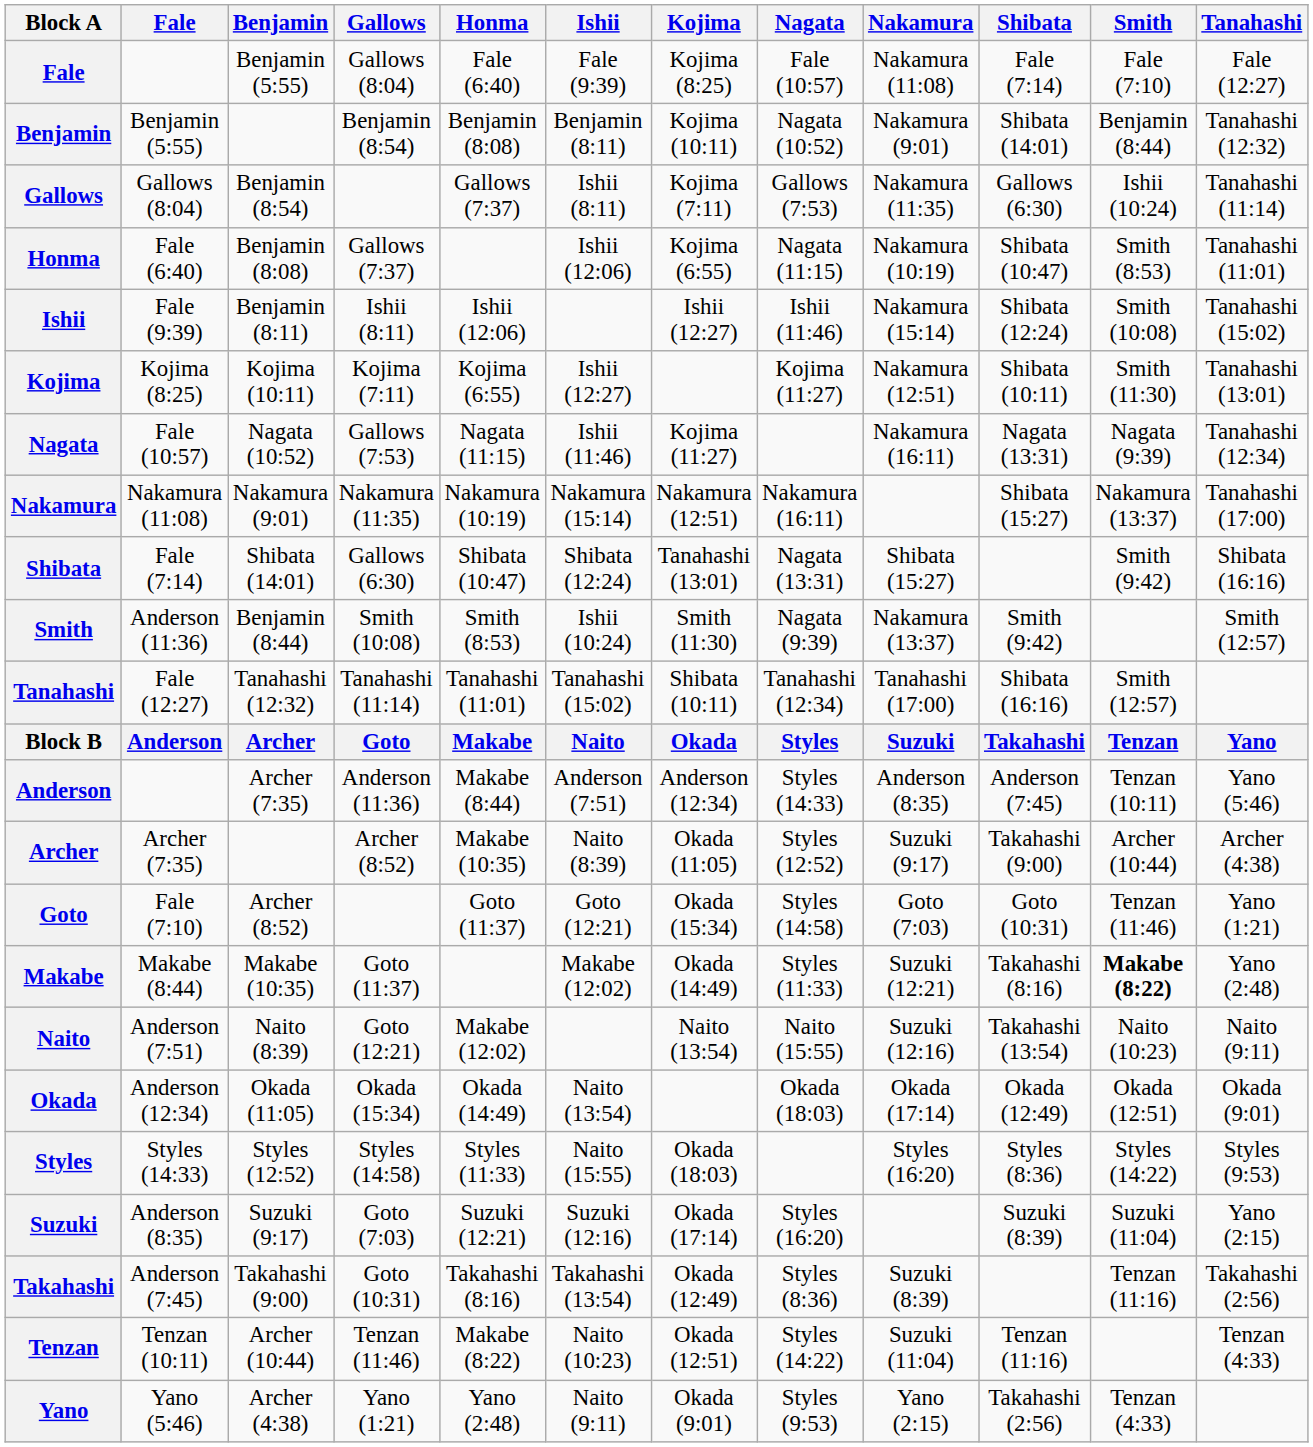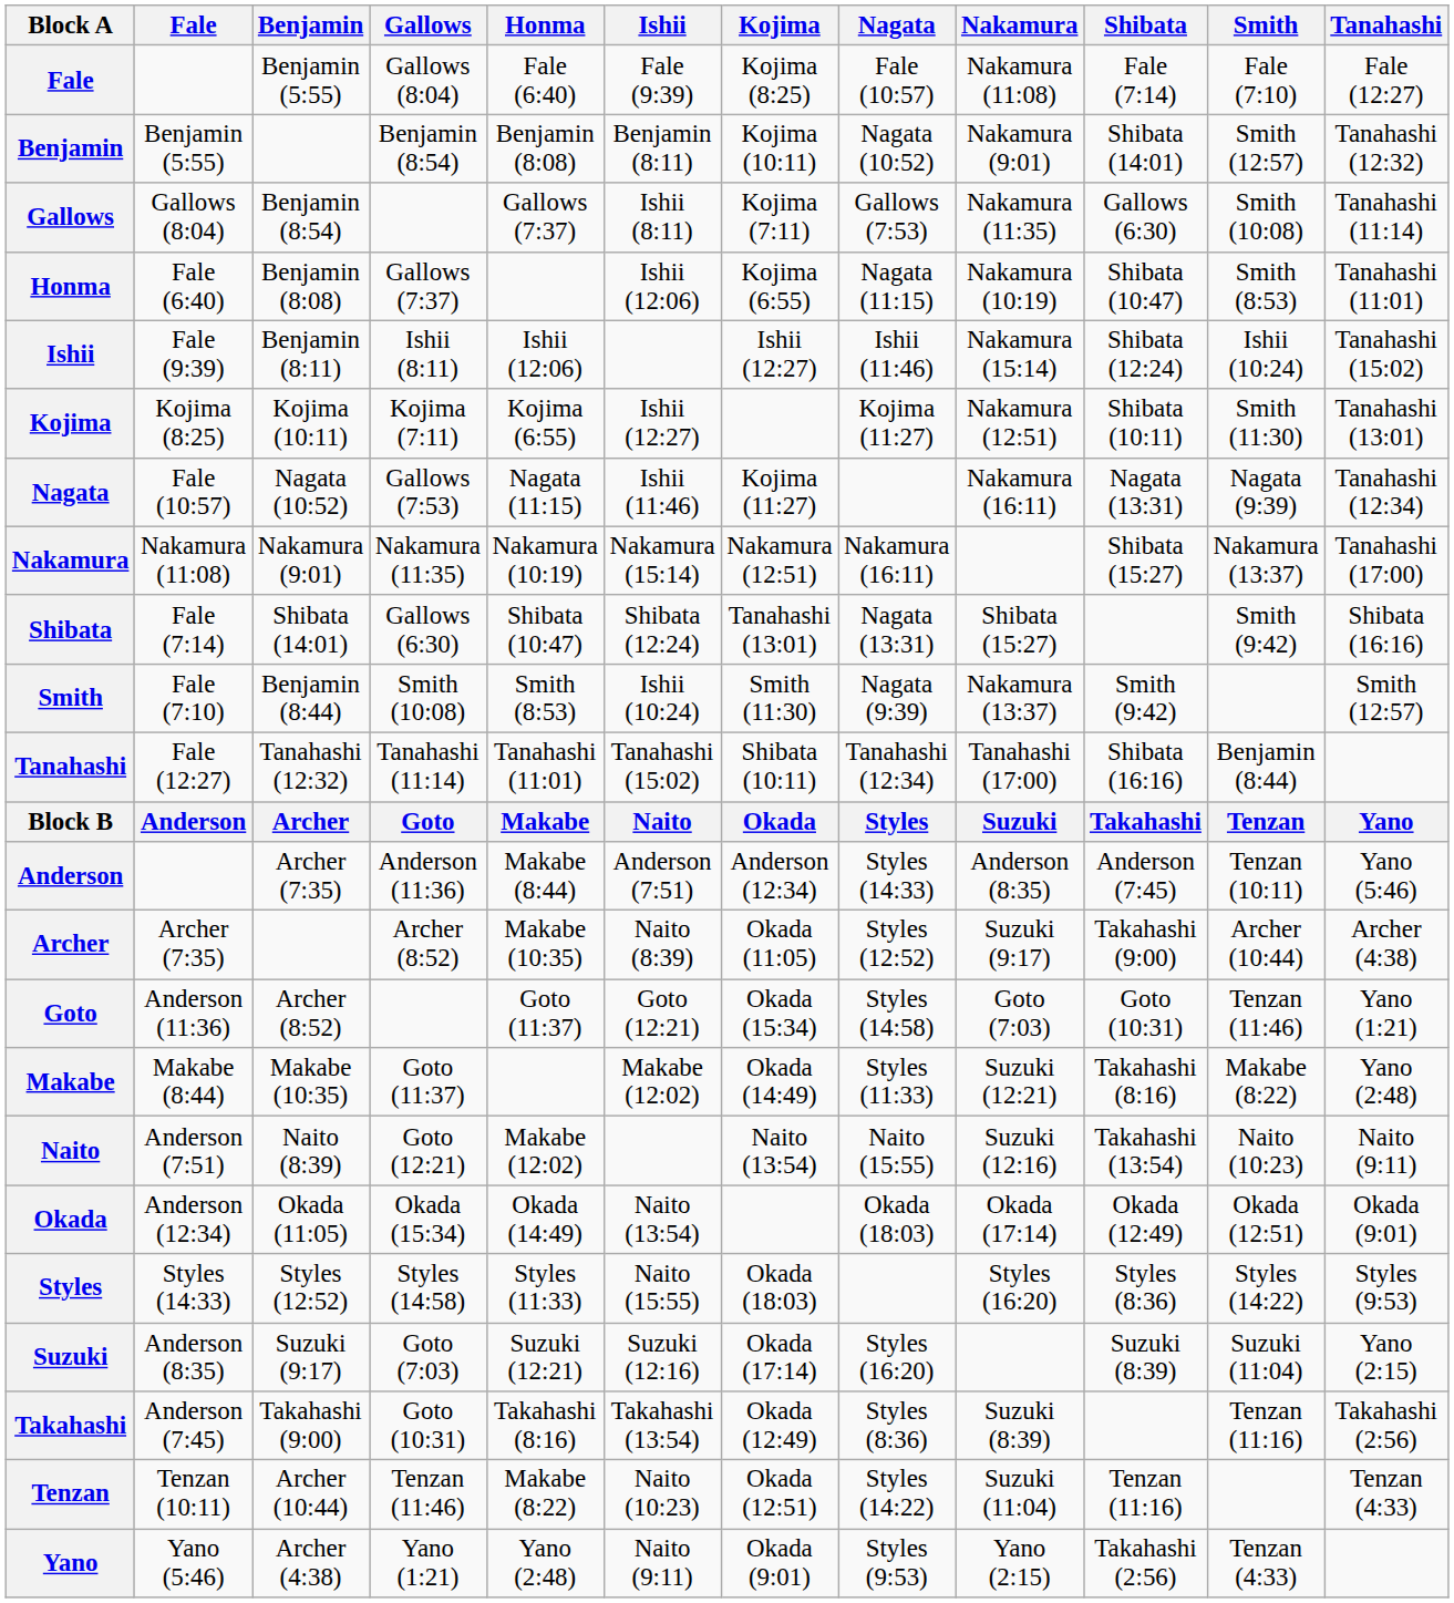 <table class="wikitable" align=center style="margin: 1em auto 1em auto">
 <tr align="center">
 <th>Block A</th>
 <th><a href='#'>Fale</a></th>
 <th><a href='#'>Benjamin</a></th>
 <th><a href='#'>Gallows</a></th>
 <th><a href='#'>Honma</a></th>
 <th><a href='#'>Ishii</a></th>
 <th><a href='#'>Kojima</a></th>
 <th><a href='#'>Nagata</a></th>
 <th><a href='#'>Nakamura</a></th>
 <th><a href='#'>Shibata</a></th>
 <th><a href='#'>Smith</a></th>
 <th><a href='#'>Tanahashi</a></th>
 </tr>
 <tr align="center">
 <th><a href='#'>Fale</a></th>
 <td></td>
 <td>Benjamin<br>(5:55)</td>
 <td>Gallows<br>(8:04)</td>
 <td>Fale<br>(6:40)</td>
 <td>Fale<br>(9:39)</td>
 <td>Kojima<br>(8:25)</td>
 <td>Fale<br>(10:57)</td>
 <td>Nakamura<br>(11:08)</td>
 <td>Fale<br>(7:14)</td>
 <td>Fale<br>(7:10)</td>
 <td>Fale<br>(12:27)</td>
 </tr>
 <tr align="center">
 <th><a href='#'>Benjamin</a></th>
 <td>Benjamin<br>(5:55)</td>
 <td></td>
 <td>Benjamin<br>(8:54)</td>
 <td>Benjamin<br>(8:08)</td>
 <td>Benjamin<br>(8:11)</td>
 <td>Kojima<br>(10:11)</td>
 <td>Nagata<br>(10:52)</td>
 <td>Nakamura<br>(9:01)</td>
 <td>Shibata<br>(14:01)</td>
-<td>Benjamin<br>(8:44)</td>
+<td>Smith<br>(12:57)</td>
 <td>Tanahashi<br>(12:32)</td>
 </tr>
 <tr align="center">
 <th><a href='#'>Gallows</a></th>
 <td>Gallows<br>(8:04)</td>
 <td>Benjamin<br>(8:54)</td>
 <td></td>
 <td>Gallows<br>(7:37)</td>
 <td>Ishii<br>(8:11)</td>
 <td>Kojima<br>(7:11)</td>
 <td>Gallows<br>(7:53)</td>
 <td>Nakamura<br>(11:35)</td>
 <td>Gallows<br>(6:30)</td>
-<td>Ishii<br>(10:24)</td>
+<td>Smith<br>(10:08)</td>
 <td>Tanahashi<br>(11:14)</td>
 </tr>
 <tr align="center">
 <th><a href='#'>Honma</a></th>
 <td>Fale<br>(6:40)</td>
 <td>Benjamin<br>(8:08)</td>
 <td>Gallows<br>(7:37)</td>
 <td></td>
 <td>Ishii<br>(12:06)</td>
 <td>Kojima<br>(6:55)</td>
 <td>Nagata<br>(11:15)</td>
 <td>Nakamura<br>(10:19)</td>
 <td>Shibata<br>(10:47)</td>
 <td>Smith<br>(8:53)</td>
 <td>Tanahashi<br>(11:01)</td>
 </tr>
 <tr align="center">
 <th><a href='#'>Ishii</a></th>
 <td>Fale<br>(9:39)</td>
 <td>Benjamin<br>(8:11)</td>
 <td>Ishii<br>(8:11)</td>
 <td>Ishii<br>(12:06)</td>
 <td></td>
 <td>Ishii<br>(12:27)</td>
 <td>Ishii<br>(11:46)</td>
 <td>Nakamura<br>(15:14)</td>
 <td>Shibata<br>(12:24)</td>
-<td>Smith<br>(10:08)</td>
+<td>Ishii<br>(10:24)</td>
 <td>Tanahashi<br>(15:02)</td>
 </tr>
 <tr align="center">
 <th><a href='#'>Kojima</a></th>
 <td>Kojima<br>(8:25)</td>
 <td>Kojima<br>(10:11)</td>
 <td>Kojima<br>(7:11)</td>
 <td>Kojima<br>(6:55)</td>
 <td>Ishii<br>(12:27)</td>
 <td></td>
 <td>Kojima<br>(11:27)</td>
 <td>Nakamura<br>(12:51)</td>
 <td>Shibata<br>(10:11)</td>
 <td>Smith<br>(11:30)</td>
 <td>Tanahashi<br>(13:01)</td>
 </tr>
 <tr align="center">
 <th><a href='#'>Nagata</a></th>
 <td>Fale<br>(10:57)</td>
 <td>Nagata<br>(10:52)</td>
 <td>Gallows<br>(7:53)</td>
 <td>Nagata<br>(11:15)</td>
 <td>Ishii<br>(11:46)</td>
 <td>Kojima<br>(11:27)</td>
 <td></td>
 <td>Nakamura<br>(16:11)</td>
 <td>Nagata<br>(13:31)</td>
 <td>Nagata<br>(9:39)</td>
 <td>Tanahashi<br>(12:34)</td>
 </tr>
 <tr align="center">
 <th><a href='#'>Nakamura</a></th>
 <td>Nakamura<br>(11:08)</td>
 <td>Nakamura<br>(9:01)</td>
 <td>Nakamura<br>(11:35)</td>
 <td>Nakamura<br>(10:19)</td>
 <td>Nakamura<br>(15:14)</td>
 <td>Nakamura<br>(12:51)</td>
 <td>Nakamura<br>(16:11)</td>
 <td></td>
 <td>Shibata<br>(15:27)</td>
 <td>Nakamura<br>(13:37)</td>
 <td>Tanahashi<br>(17:00)</td>
 </tr>
 <tr align="center">
 <th><a href='#'>Shibata</a></th>
 <td>Fale<br>(7:14)</td>
 <td>Shibata<br>(14:01)</td>
 <td>Gallows<br>(6:30)</td>
 <td>Shibata<br>(10:47)</td>
 <td>Shibata<br>(12:24)</td>
 <td>Tanahashi<br>(13:01)</td>
 <td>Nagata<br>(13:31)</td>
 <td>Shibata<br>(15:27)</td>
 <td></td>
 <td>Smith<br>(9:42)</td>
 <td>Shibata<br>(16:16)</td>
 </tr>
 <tr align="center">
 <th><a href='#'>Smith</a></th>
-<td>Anderson<br>(11:36)</td>
+<td>Fale<br>(7:10)</td>
 <td>Benjamin<br>(8:44)</td>
 <td>Smith<br>(10:08)</td>
 <td>Smith<br>(8:53)</td>
 <td>Ishii<br>(10:24)</td>
 <td>Smith<br>(11:30)</td>
 <td>Nagata<br>(9:39)</td>
 <td>Nakamura<br>(13:37)</td>
 <td>Smith<br>(9:42)</td>
 <td></td>
 <td>Smith<br>(12:57)</td>
 </tr>
 <tr align="center">
 <th><a href='#'>Tanahashi</a></th>
 <td>Fale<br>(12:27)</td>
 <td>Tanahashi<br>(12:32)</td>
 <td>Tanahashi<br>(11:14)</td>
 <td>Tanahashi<br>(11:01)</td>
 <td>Tanahashi<br>(15:02)</td>
 <td>Shibata<br>(10:11)</td>
 <td>Tanahashi<br>(12:34)</td>
 <td>Tanahashi<br>(17:00)</td>
 <td>Shibata<br>(16:16)</td>
-<td>Smith<br>(12:57)</td>
+<td>Benjamin<br>(8:44)</td>
 <td></td>
 </tr>
 <tr align="center">
 <th>Block B</th>
 <th><a href='#'>Anderson</a></th>
 <th><a href='#'>Archer</a></th>
 <th><a href='#'>Goto</a></th>
 <th><a href='#'>Makabe</a></th>
 <th><a href='#'>Naito</a></th>
 <th><a href='#'>Okada</a></th>
 <th><a href='#'>Styles</a></th>
 <th><a href='#'>Suzuki</a></th>
 <th><a href='#'>Takahashi</a></th>
 <th><a href='#'>Tenzan</a></th>
 <th><a href='#'>Yano</a></th>
 </tr>
 <tr align="center">
 <th><a href='#'>Anderson</a></th>
 <td></td>
 <td>Archer<br>(7:35)</td>
 <td>Anderson<br>(11:36)</td>
 <td>Makabe<br>(8:44)</td>
 <td>Anderson<br>(7:51)</td>
 <td>Anderson<br>(12:34)</td>
 <td>Styles<br>(14:33)</td>
 <td>Anderson<br>(8:35)</td>
 <td>Anderson<br>(7:45)</td>
 <td>Tenzan<br>(10:11)</td>
 <td>Yano<br>(5:46)</td>
 </tr>
 <tr align="center">
 <th><a href='#'>Archer</a></th>
 <td>Archer<br>(7:35)</td>
 <td></td>
 <td>Archer<br>(8:52)</td>
 <td>Makabe<br>(10:35)</td>
 <td>Naito<br>(8:39)</td>
 <td>Okada<br>(11:05)</td>
 <td>Styles<br>(12:52)</td>
 <td>Suzuki<br>(9:17)</td>
 <td>Takahashi<br>(9:00)</td>
 <td>Archer<br>(10:44)</td>
 <td>Archer<br>(4:38)</td>
 </tr>
 <tr align="center">
 <th><a href='#'>Goto</a></th>
-<td>Fale<br>(7:10)</td>
+<td>Anderson<br>(11:36)</td>
 <td>Archer<br>(8:52)</td>
 <td></td>
 <td>Goto<br>(11:37)</td>
 <td>Goto<br>(12:21)</td>
 <td>Okada<br>(15:34)</td>
 <td>Styles<br>(14:58)</td>
 <td>Goto<br>(7:03)</td>
 <td>Goto<br>(10:31)</td>
 <td>Tenzan<br>(11:46)</td>
 <td>Yano<br>(1:21)</td>
 </tr>
 <tr align="center">
 <th><a href='#'>Makabe</a></th>
 <td>Makabe<br>(8:44)</td>
 <td>Makabe<br>(10:35)</td>
 <td>Goto<br>(11:37)</td>
 <td></td>
 <td>Makabe<br>(12:02)</td>
 <td>Okada<br>(14:49)</td>
 <td>Styles<br>(11:33)</td>
 <td>Suzuki<br>(12:21)</td>
 <td>Takahashi<br>(8:16)</td>
-<td><strong>Makabe<br>(8:22)</strong></td>
+<td>Makabe<br>(8:22)</td>
 <td>Yano<br>(2:48)</td>
 </tr>
 <tr align="center">
 <th><a href='#'>Naito</a></th>
 <td>Anderson<br>(7:51)</td>
 <td>Naito<br>(8:39)</td>
 <td>Goto<br>(12:21)</td>
 <td>Makabe<br>(12:02)</td>
 <td></td>
 <td>Naito<br>(13:54)</td>
 <td>Naito<br>(15:55)</td>
 <td>Suzuki<br>(12:16)</td>
 <td>Takahashi<br>(13:54)</td>
 <td>Naito<br>(10:23)</td>
 <td>Naito<br>(9:11)</td>
 </tr>
 <tr align="center">
 <th><a href='#'>Okada</a></th>
 <td>Anderson<br>(12:34)</td>
 <td>Okada<br>(11:05)</td>
 <td>Okada<br>(15:34)</td>
 <td>Okada<br>(14:49)</td>
 <td>Naito<br>(13:54)</td>
 <td></td>
 <td>Okada<br>(18:03)</td>
 <td>Okada<br>(17:14)</td>
 <td>Okada<br>(12:49)</td>
 <td>Okada<br>(12:51)</td>
 <td>Okada<br>(9:01)</td>
 </tr>
 <tr align="center">
 <th><a href='#'>Styles</a></th>
 <td>Styles<br>(14:33)</td>
 <td>Styles<br>(12:52)</td>
 <td>Styles<br>(14:58)</td>
 <td>Styles<br>(11:33)</td>
 <td>Naito<br>(15:55)</td>
 <td>Okada<br>(18:03)</td>
 <td></td>
 <td>Styles<br>(16:20)</td>
 <td>Styles<br>(8:36)</td>
 <td>Styles<br>(14:22)</td>
 <td>Styles<br>(9:53)</td>
 </tr>
 <tr align="center">
 <th><a href='#'>Suzuki</a></th>
 <td>Anderson<br>(8:35)</td>
 <td>Suzuki<br>(9:17)</td>
 <td>Goto<br>(7:03)</td>
 <td>Suzuki<br>(12:21)</td>
 <td>Suzuki<br>(12:16)</td>
 <td>Okada<br>(17:14)</td>
 <td>Styles<br>(16:20)</td>
 <td></td>
 <td>Suzuki<br>(8:39)</td>
 <td>Suzuki<br>(11:04)</td>
 <td>Yano<br>(2:15)</td>
 </tr>
 <tr align="center">
 <th><a href='#'>Takahashi</a></th>
 <td>Anderson<br>(7:45)</td>
 <td>Takahashi<br>(9:00)</td>
 <td>Goto<br>(10:31)</td>
 <td>Takahashi<br>(8:16)</td>
 <td>Takahashi<br>(13:54)</td>
 <td>Okada<br>(12:49)</td>
 <td>Styles<br>(8:36)</td>
 <td>Suzuki<br>(8:39)</td>
 <td></td>
 <td>Tenzan<br>(11:16)</td>
 <td>Takahashi<br>(2:56)</td>
 </tr>
 <tr align="center">
 <th><a href='#'>Tenzan</a></th>
 <td>Tenzan<br>(10:11)</td>
 <td>Archer<br>(10:44)</td>
 <td>Tenzan<br>(11:46)</td>
 <td>Makabe<br>(8:22)</td>
 <td>Naito<br>(10:23)</td>
 <td>Okada<br>(12:51)</td>
 <td>Styles<br>(14:22)</td>
 <td>Suzuki<br>(11:04)</td>
 <td>Tenzan<br>(11:16)</td>
 <td></td>
 <td>Tenzan<br>(4:33)</td>
 </tr>
 <tr align="center">
 <th><a href='#'>Yano</a></th>
 <td>Yano<br>(5:46)</td>
 <td>Archer<br>(4:38)</td>
 <td>Yano<br>(1:21)</td>
 <td>Yano<br>(2:48)</td>
 <td>Naito<br>(9:11)</td>
 <td>Okada<br>(9:01)</td>
 <td>Styles<br>(9:53)</td>
 <td>Yano<br>(2:15)</td>
 <td>Takahashi<br>(2:56)</td>
 <td>Tenzan<br>(4:33)</td>
 <td></td>
 </tr>
 </table>
